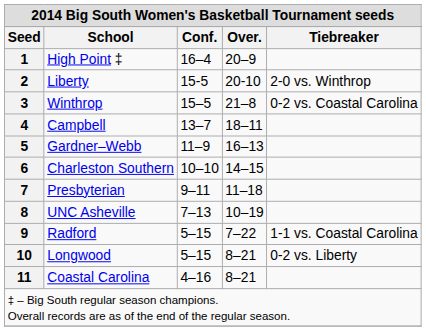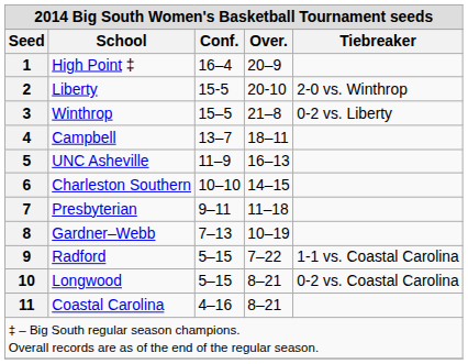 <table class="wikitable" style="white-space:nowrap; font-size:90%;">
 <tr>
 <td colspan="10" style="text-align:center; background:#DDDDDD; font:#000000"><strong>2014 Big South Women's Basketball Tournament seeds</strong></td>
 </tr>
 <tr bgcolor="#efefef">
 </tr>
 <tr>
 </tr>
 <tr bgcolor="#efefef">
 <th>Seed</th>
 <th>School</th>
 <th>Conf.</th>
 <th>Over.</th>
 <th>Tiebreaker</th>
 </tr>
 <tr>
 <th>1</th>
 <td><a href='#'>High Point</a> ‡</td>
 <td>16–4</td>
 <td>20–9</td>
 <td></td>
 </tr>
 <tr>
 <th>2</th>
 <td><a href='#'>Liberty</a></td>
 <td>15-5</td>
 <td>20-10</td>
 <td>2-0 vs. Winthrop</td>
 </tr>
 <tr>
 <th>3</th>
 <td><a href='#'>Winthrop</a></td>
 <td>15–5</td>
 <td>21–8</td>
-<td>0-2 vs. Coastal Carolina</td>
+<td>0-2 vs. Liberty</td>
 </tr>
 <tr>
 <th>4</th>
 <td><a href='#'>Campbell</a></td>
 <td>13–7</td>
 <td>18–11</td>
 <td></td>
 </tr>
 <tr>
 <th>5</th>
-<td><a href='#'>Gardner–Webb</a></td>
+<td><a href='#'>UNC Asheville</a></td>
 <td>11–9</td>
 <td>16–13</td>
 <td></td>
 </tr>
 <tr>
 <th>6</th>
 <td><a href='#'>Charleston Southern</a></td>
 <td>10–10</td>
 <td>14–15</td>
 <td></td>
 </tr>
 <tr>
 <th>7</th>
 <td><a href='#'>Presbyterian</a></td>
 <td>9–11</td>
 <td>11–18</td>
 <td></td>
 </tr>
 <tr>
 <th>8</th>
-<td><a href='#'>UNC Asheville</a></td>
+<td><a href='#'>Gardner–Webb</a></td>
 <td>7–13</td>
 <td>10–19</td>
 <td></td>
 </tr>
 <tr>
 <th>9</th>
 <td><a href='#'>Radford</a></td>
 <td>5–15</td>
 <td>7–22</td>
 <td>1-1 vs. Coastal Carolina</td>
 </tr>
 <tr>
 <th>10</th>
 <td><a href='#'>Longwood</a></td>
 <td>5–15</td>
 <td>8–21</td>
-<td>0-2 vs. Liberty</td>
+<td>0-2 vs. Coastal Carolina</td>
 </tr>
 <tr>
 <th>11</th>
 <td><a href='#'>Coastal Carolina</a></td>
 <td>4–16</td>
 <td>8–21</td>
 <td></td>
 </tr>
 <tr>
 <td colspan="10" style="text-align:left;"><small>‡ – Big South regular season champions.<br>Overall records are as of the end of the regular season.</small></td>
 </tr>
 <tr>
 </tr>
 </table>
